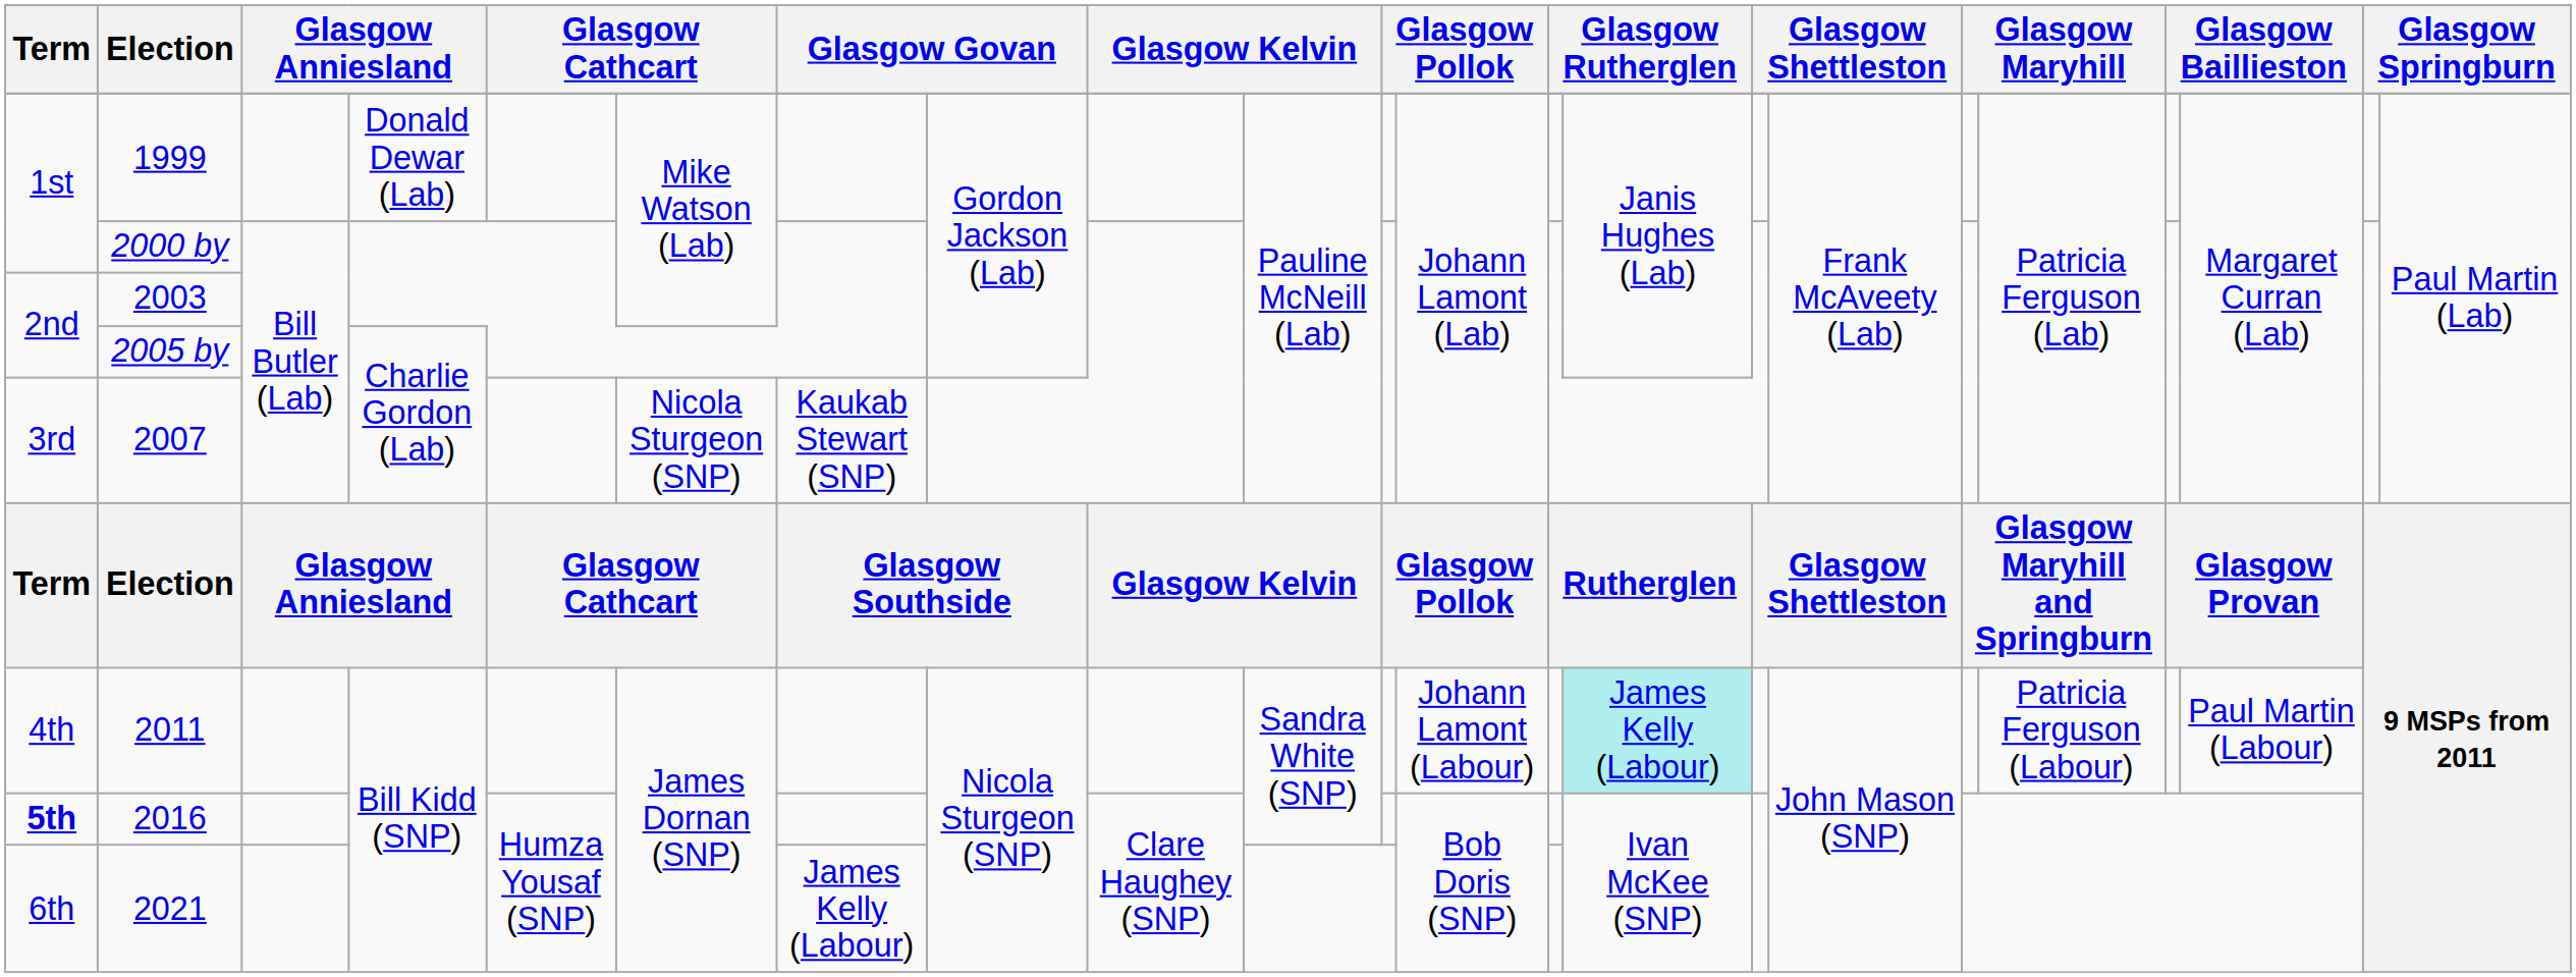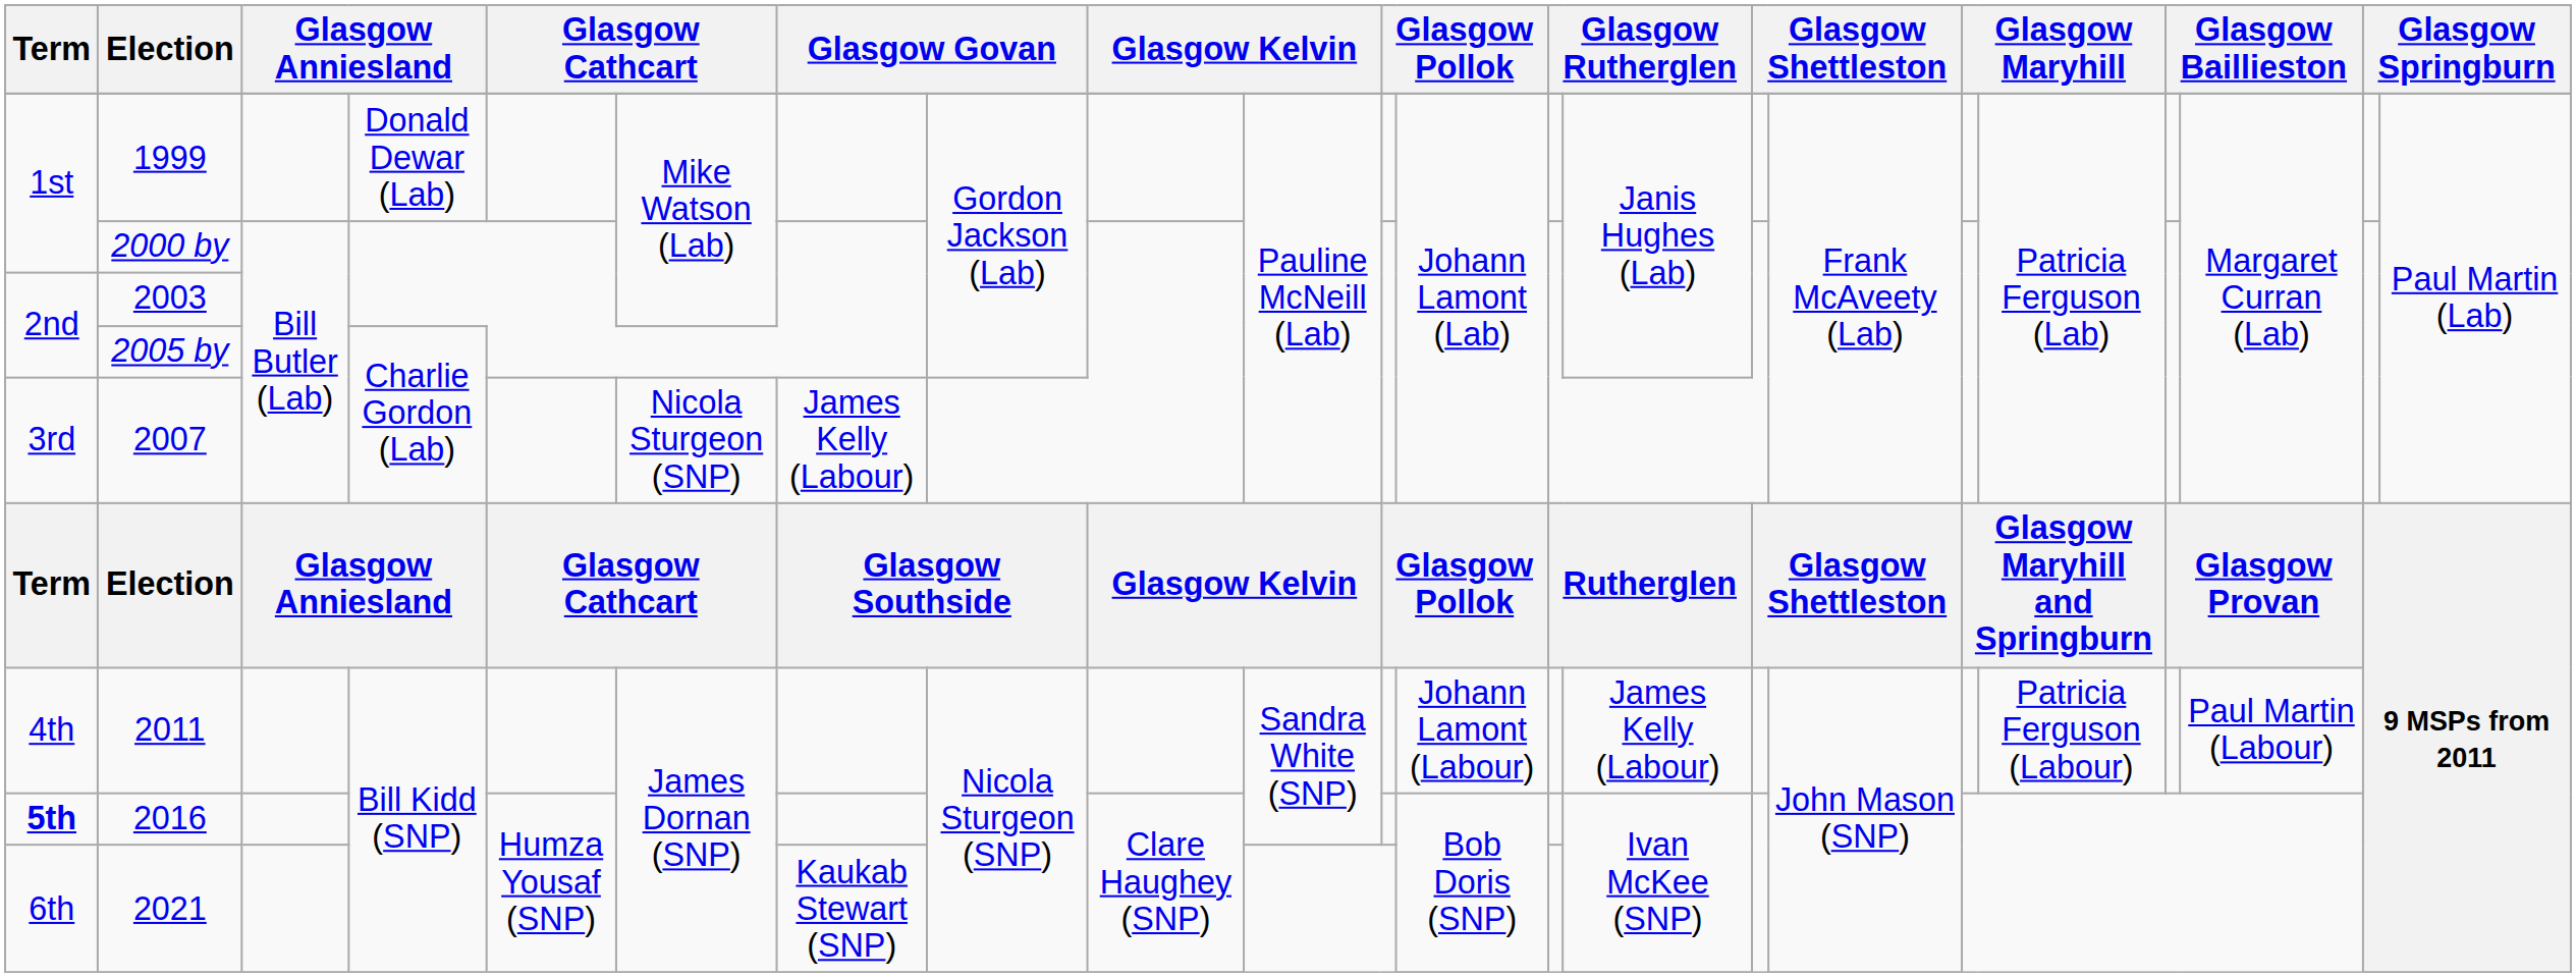 <table class="wikitable" style="text-align:center">
 <tr>
 <th>Term</th>
 <th>Election</th>
 <th colspan="2"><a href='#'>Glasgow Anniesland</a></th>
 <th colspan="2"><a href='#'>Glasgow Cathcart</a></th>
 <th colspan="2"><a href='#'>Glasgow Govan</a></th>
 <th colspan="2"><a href='#'>Glasgow Kelvin</a></th>
 <th colspan="2"><a href='#'>Glasgow Pollok</a></th>
 <th colspan="2"><a href='#'>Glasgow Rutherglen</a></th>
 <th colspan="2"><a href='#'>Glasgow Shettleston</a></th>
 <th colspan="2"><a href='#'>Glasgow Maryhill</a></th>
 <th colspan="2"><a href='#'>Glasgow Baillieston</a></th>
 <th colspan="2"><a href='#'>Glasgow Springburn</a></th>
 </tr>
 <tr>
 </tr>
 <tr>
 <td rowspan="2"><a href='#'>1st</a></td>
 <td><a href='#'>1999</a></td>
 <td></td>
 <td rowspan="1"><a href='#'>Donald Dewar</a><br>(<a href='#'>Lab</a>)</td>
 <td></td>
 <td rowspan="3"><a href='#'>Mike Watson</a><br>(<a href='#'>Lab</a>)</td>
 <td></td>
 <td rowspan="4"><a href='#'>Gordon Jackson</a><br>(<a href='#'>Lab</a>)</td>
 <td></td>
 <td rowspan="5"><a href='#'>Pauline McNeill</a><br>(<a href='#'>Lab</a>)</td>
 <td></td>
 <td rowspan="5"><a href='#'>Johann Lamont</a><br>(<a href='#'>Lab</a>)</td>
 <td></td>
 <td rowspan="4"><a href='#'>Janis Hughes</a><br>(<a href='#'>Lab</a>)</td>
 <td></td>
 <td rowspan="5"><a href='#'>Frank McAveety</a><br>(<a href='#'>Lab</a>)</td>
 <td></td>
 <td rowspan="5"><a href='#'>Patricia Ferguson</a><br>(<a href='#'>Lab</a>)</td>
 <td></td>
 <td rowspan="5"><a href='#'>Margaret Curran</a><br>(<a href='#'>Lab</a>)</td>
 <td></td>
 <td rowspan="5"><a href='#'>Paul Martin</a><br>(<a href='#'>Lab</a>)</td>
 </tr>
 <tr>
 <td><em><a href='#'>2000 by</a></em></td>
 <td rowspan="4"><a href='#'>Bill Butler</a><br>(<a href='#'>Lab</a>)</td>
 </tr>
 <tr>
 <td rowspan="2"><a href='#'>2nd</a></td>
 <td><a href='#'>2003</a></td>
 </tr>
 <tr>
 <td><em><a href='#'>2005 by</a></em></td>
 <td rowspan="2"><a href='#'>Charlie Gordon</a><br>(<a href='#'>Lab</a>)</td>
 </tr>
 <tr>
 <td><a href='#'>3rd</a></td>
 <td><a href='#'>2007</a></td>
 <td></td>
 <td rowspan="1"><a href='#'>Nicola Sturgeon</a><br>(<a href='#'>SNP</a>)</td>
-<td rowspan="1"><a href='#'>Kaukab Stewart</a><br>(<a href='#'>SNP</a>)</td>
+<td><a href='#'>James Kelly</a><br>(<a href='#'>Labour</a>)</td>
 </tr>
 <tr>
 <th>Term</th>
 <th>Election</th>
 <th colspan="2"><a href='#'>Glasgow Anniesland</a></th>
 <th colspan="2"><a href='#'>Glasgow Cathcart</a></th>
 <th colspan="2"><a href='#'>Glasgow Southside</a></th>
 <th colspan="2"><a href='#'>Glasgow Kelvin</a></th>
 <th colspan="2"><a href='#'>Glasgow Pollok</a></th>
 <th colspan="2"><a href='#'>Rutherglen</a></th>
 <th colspan="2"><a href='#'>Glasgow Shettleston</a></th>
 <th colspan="2"><a href='#'>Glasgow Maryhill <br> and Springburn</a></th>
 <th colspan="2"><a href='#'>Glasgow Provan</a></th>
 <th colspan="2" rowspan="4"><small>9 MSPs from 2011</small></th>
 </tr>
 <tr>
 <td><a href='#'>4th</a></td>
 <td><a href='#'>2011</a></td>
 <td></td>
 <td rowspan="3"><a href='#'>Bill Kidd</a><br>(<a href='#'>SNP</a>)</td>
 <td></td>
 <td rowspan="3"><a href='#'>James Dornan</a><br>(<a href='#'>SNP</a>)</td>
 <td></td>
 <td rowspan="3"><a href='#'>Nicola Sturgeon</a><br>(<a href='#'>SNP</a>)</td>
 <td></td>
 <td rowspan="2"><a href='#'>Sandra White</a><br>(<a href='#'>SNP</a>)</td>
 <td></td>
 <td><a href='#'>Johann Lamont</a><br>(<a href='#'>Labour</a>)</td>
 <td></td>
-<td style="background: paleturquoise;"><a href='#'>James Kelly</a><br>(<a href='#'>Labour</a>)</td>
+<td><a href='#'>James Kelly</a><br>(<a href='#'>Labour</a>)</td>
 <td></td>
 <td rowspan="3"><a href='#'>John Mason</a><br>(<a href='#'>SNP</a>)</td>
 <td></td>
 <td rowspan="1"><a href='#'>Patricia Ferguson</a><br>(<a href='#'>Labour</a>)</td>
 <td></td>
 <td rowspan="1"><a href='#'>Paul Martin</a><br>(<a href='#'>Labour</a>)</td>
 </tr>
 <tr>
 <td><strong><a href='#'>5th</a></strong></td>
 <td><a href='#'>2016</a></td>
 <td></td>
 <td rowspan="2"><a href='#'>Humza Yousaf</a><br>(<a href='#'>SNP</a>)</td>
 <td></td>
 <td rowspan="2"><a href='#'>Clare Haughey</a><br>(<a href='#'>SNP</a>)</td>
 <td></td>
 <td rowspan="2"><a href='#'>Bob Doris</a><br>(<a href='#'>SNP</a>)</td>
 <td></td>
 <td rowspan="2"><a href='#'>Ivan McKee</a><br>(<a href='#'>SNP</a>)</td>
 </tr>
 <tr>
 <td><a href='#'>6th</a></td>
 <td><a href='#'>2021</a></td>
 <td></td>
-<td><a href='#'>James Kelly</a><br>(<a href='#'>Labour</a>)</td>
+<td rowspan="1"><a href='#'>Kaukab Stewart</a><br>(<a href='#'>SNP</a>)</td>
 </tr>
 <tr>
 </tr>
 </table>
